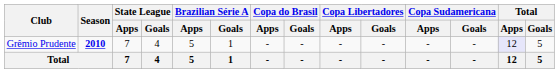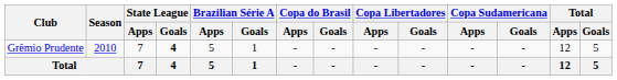 <table class="wikitable" style="text-align: center;">
 <tr>
 <th rowspan="2">Club</th>
 <th rowspan="2">Season</th>
 <th colspan="2">State League</th>
 <th colspan="2"><a href='#'>Brazilian Série A</a></th>
 <th colspan="2"><a href='#'>Copa do Brasil</a></th>
 <th colspan="2"><a href='#'>Copa Libertadores</a></th>
 <th colspan="2"><a href='#'>Copa Sudamericana</a></th>
 <th colspan="2">Total</th>
 </tr>
 <tr>
 <th>Apps</th>
 <th>Goals</th>
 <th>Apps</th>
 <th>Goals</th>
 <th>Apps</th>
 <th>Goals</th>
 <th>Apps</th>
 <th>Goals</th>
 <th>Apps</th>
 <th>Goals</th>
 <th>Apps</th>
 <th>Goals</th>
 </tr>
 <tr>
 <td rowspan="1" valign="center"><a href='#'>Grêmio Prudente</a></td>
-<td><strong><a href='#'>2010</a></strong></td>
+<td><a href='#'>2010</a></td>
 <td>7</td>
-<td>4</td>
+<td><strong>4</strong></td>
 <td>5</td>
 <td>1</td>
 <td>-</td>
 <td>-</td>
 <td>-</td>
 <td>-</td>
 <td>-</td>
 <td>-</td>
-<td style="background: lavender;">12</td>
+<td>12</td>
 <td>5</td>
 </tr>
 <tr>
 <th colspan="2"><strong>Total</strong></th>
 <th>7</th>
 <th>4</th>
 <th>5</th>
 <th>1</th>
 <th>-</th>
 <th>-</th>
 <th>-</th>
 <th>-</th>
 <th>-</th>
 <th>-</th>
 <th>12</th>
 <th>5</th>
 </tr>
 </table>
